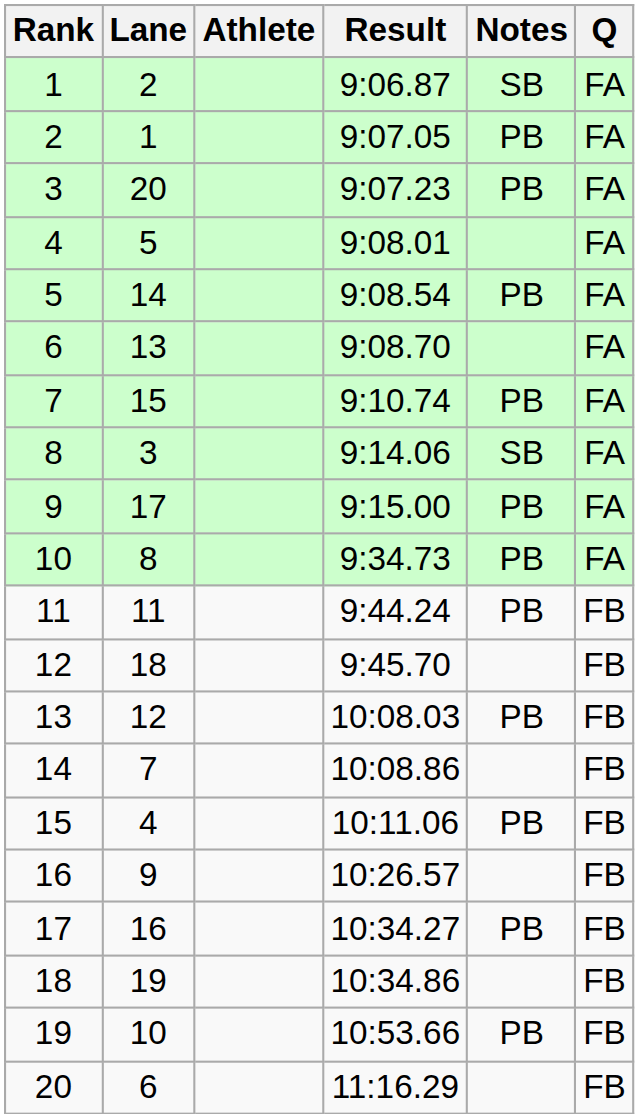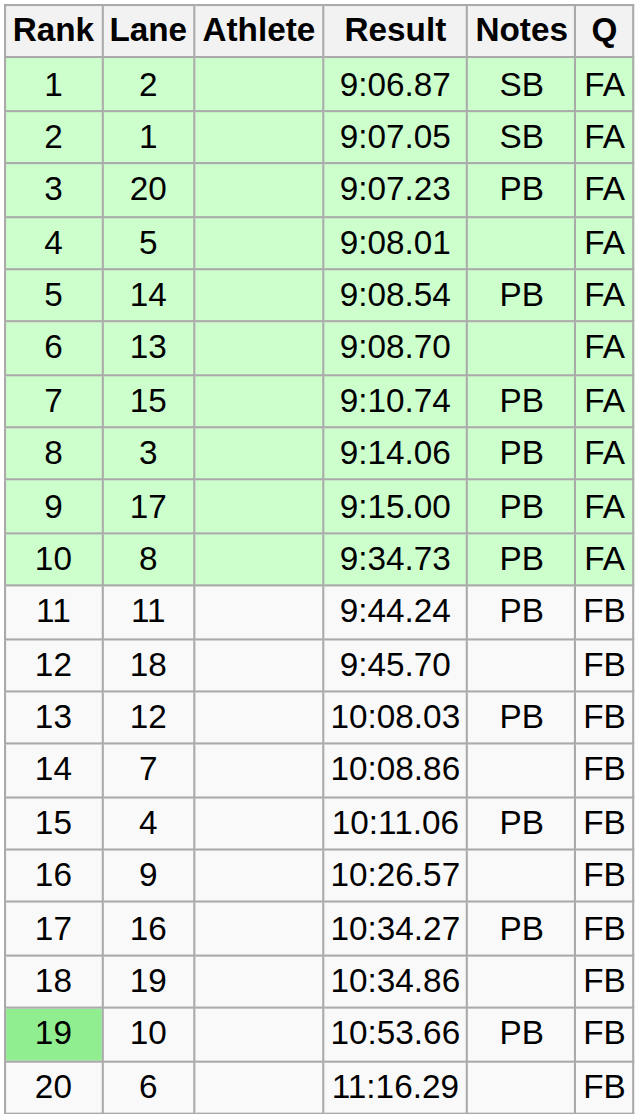 <table class="wikitable sortable" style="text-align:center">
 <tr>
 <th>Rank</th>
 <th>Lane</th>
 <th>Athlete</th>
 <th>Result</th>
 <th>Notes</th>
 <th>Q</th>
 </tr>
 <tr bgcolor=ccffcc>
 <td>1</td>
 <td>2</td>
 <td align=left></td>
 <td>9:06.87</td>
 <td>SB</td>
 <td>FA</td>
 </tr>
 <tr bgcolor=ccffcc>
 <td>2</td>
 <td>1</td>
 <td align=left></td>
 <td>9:07.05</td>
-<td>PB</td>
+<td>SB</td>
 <td>FA</td>
 </tr>
 <tr bgcolor=ccffcc>
 <td>3</td>
 <td>20</td>
 <td align=left></td>
 <td>9:07.23</td>
 <td>PB</td>
 <td>FA</td>
 </tr>
 <tr bgcolor=ccffcc>
 <td>4</td>
 <td>5</td>
 <td align=left></td>
 <td>9:08.01</td>
 <td></td>
 <td>FA</td>
 </tr>
 <tr bgcolor=ccffcc>
 <td>5</td>
 <td>14</td>
 <td align=left></td>
 <td>9:08.54</td>
 <td>PB</td>
 <td>FA</td>
 </tr>
 <tr bgcolor=ccffcc>
 <td>6</td>
 <td>13</td>
 <td align=left></td>
 <td>9:08.70</td>
 <td></td>
 <td>FA</td>
 </tr>
 <tr bgcolor=ccffcc>
 <td>7</td>
 <td>15</td>
 <td align=left></td>
 <td>9:10.74</td>
 <td>PB</td>
 <td>FA</td>
 </tr>
 <tr bgcolor=ccffcc>
 <td>8</td>
 <td>3</td>
 <td align=left></td>
 <td>9:14.06</td>
-<td>SB</td>
+<td>PB</td>
 <td>FA</td>
 </tr>
 <tr bgcolor=ccffcc>
 <td>9</td>
 <td>17</td>
 <td align=left></td>
 <td>9:15.00</td>
 <td>PB</td>
 <td>FA</td>
 </tr>
 <tr bgcolor=ccffcc>
 <td>10</td>
 <td>8</td>
 <td align=left></td>
 <td>9:34.73</td>
 <td>PB</td>
 <td>FA</td>
 </tr>
 <tr>
 <td>11</td>
 <td>11</td>
 <td align=left></td>
 <td>9:44.24</td>
 <td>PB</td>
 <td>FB</td>
 </tr>
 <tr>
 <td>12</td>
 <td>18</td>
 <td align=left></td>
 <td>9:45.70</td>
 <td></td>
 <td>FB</td>
 </tr>
 <tr>
 <td>13</td>
 <td>12</td>
 <td align=left></td>
 <td>10:08.03</td>
 <td>PB</td>
 <td>FB</td>
 </tr>
 <tr>
 <td>14</td>
 <td>7</td>
 <td align=left></td>
 <td>10:08.86</td>
 <td></td>
 <td>FB</td>
 </tr>
 <tr>
 <td>15</td>
 <td>4</td>
 <td align=left></td>
 <td>10:11.06</td>
 <td>PB</td>
 <td>FB</td>
 </tr>
 <tr>
 <td>16</td>
 <td>9</td>
 <td align=left></td>
 <td>10:26.57</td>
 <td></td>
 <td>FB</td>
 </tr>
 <tr>
 <td>17</td>
 <td>16</td>
 <td align=left></td>
 <td>10:34.27</td>
 <td>PB</td>
 <td>FB</td>
 </tr>
 <tr>
 <td>18</td>
 <td>19</td>
 <td align=left></td>
 <td>10:34.86</td>
 <td></td>
 <td>FB</td>
 </tr>
 <tr>
-<td>19</td>
+<td style="background: lightgreen;">19</td>
 <td>10</td>
 <td align=left></td>
 <td>10:53.66</td>
 <td>PB</td>
 <td>FB</td>
 </tr>
 <tr>
 <td>20</td>
 <td>6</td>
 <td align=left></td>
 <td>11:16.29</td>
 <td></td>
 <td>FB</td>
 </tr>
 </table>
